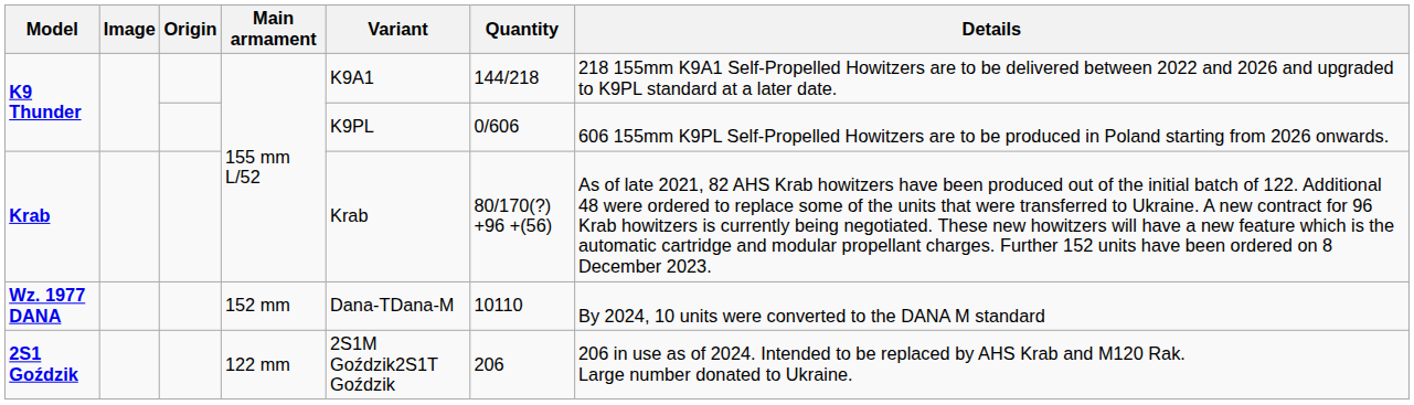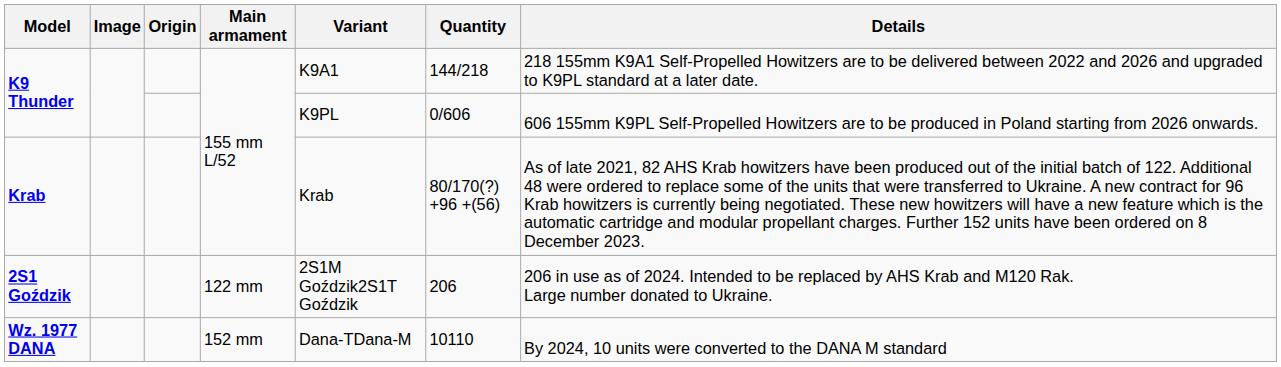 <table class="wikitable">
 <tr>
 <th>Model</th>
 <th>Image</th>
 <th>Origin</th>
 <th>Main armament</th>
 <th>Variant</th>
 <th>Quantity</th>
 <th>Details</th>
 </tr>
 <tr>
 <td rowspan="2"><strong><a href='#'>K9 Thunder</a></strong></td>
 <td rowspan="2"></td>
 <td><small></small></td>
 <td rowspan="3">155 mm  L/52</td>
 <td>K9A1</td>
 <td>144/218</td>
 <td>218 155mm K9A1 Self-Propelled Howitzers are to be delivered between 2022 and 2026 and upgraded to K9PL standard at a later date.<br></td>
 </tr>
 <tr>
 <td><small></small><br><small></small></td>
 <td>K9PL</td>
 <td>0/606</td>
 <td><br>606 155mm K9PL Self-Propelled Howitzers are to be produced in Poland starting from 2026 onwards.</td>
 </tr>
 <tr>
 <td><a href='#'><strong>Krab</strong></a></td>
 <td><br><br></td>
 <td><small></small></td>
 <td>Krab</td>
 <td>80/170(?) +96    +(56)</td>
 <td><br>As of late 2021, 82 AHS Krab howitzers have been produced out of the initial batch of 122. Additional 48 were ordered to replace some of the units that were transferred to Ukraine.  A new contract for 96 Krab howitzers is currently being negotiated. These new howitzers will have a new feature which is the automatic cartridge and modular propellant charges. Further 152 units have been ordered on 8 December 2023.</td>
 </tr>
 <tr>
+<td><a href='#'><strong>2S1 Goździk</strong></a></td>
+<td></td>
+<td><small></small><br><small></small><br><small></small></td>
+<td>122 mm</td>
+<td>2S1M Goździk2S1T Goździk</td>
+<td>206</td>
+<td>206 in use as of 2024. Intended to be replaced by AHS Krab and M120 Rak.<br>Large number donated to Ukraine.</td>
+</tr>
+<tr>
 <td><a href='#'><strong>Wz. 1977 DANA</strong></a></td>
 <td></td>
 <td><small></small><br><small></small><br><small></small></td>
 <td>152 mm</td>
 <td>Dana-TDana-M</td>
 <td>10110</td>
 <td><br>By 2024, 10 units were converted to the DANA M standard</td>
 </tr>
-<tr>
-<td><a href='#'><strong>2S1 Goździk</strong></a></td>
-<td></td>
-<td><small></small><br><small></small><br><small></small></td>
-<td>122 mm</td>
-<td>2S1M Goździk2S1T Goździk</td>
-<td>206</td>
-<td>206 in use as of 2024. Intended to be replaced by AHS Krab and M120 Rak.<br>Large number donated to Ukraine.</td>
-</tr>
 </table>
